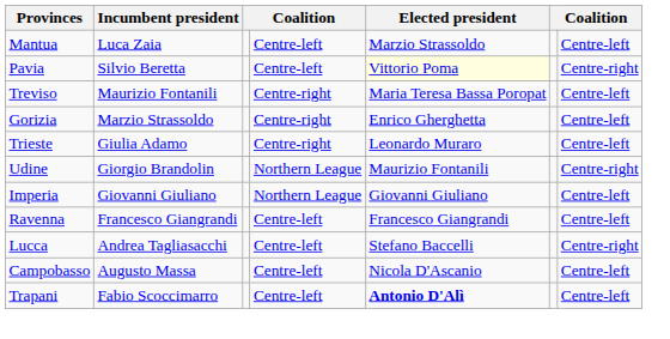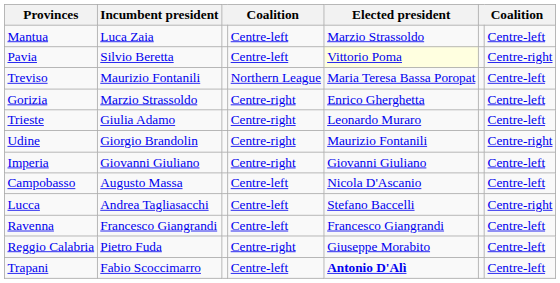 <table class="wikitable sortable centre">
 <tr>
 <th>Provinces</th>
 <th>Incumbent president</th>
 <th colspan=2>Coalition</th>
 <th>Elected president</th>
 <th colspan=2>Coalition</th>
 </tr>
 <tr>
 <td><a href='#'>Mantua</a></td>
 <td><a href='#'>Luca Zaia</a></td>
 <td style="background:"></td>
 <td><a href='#'>Centre-left</a></td>
 <td><a href='#'>Marzio Strassoldo</a></td>
 <td style="background:"></td>
 <td><a href='#'>Centre-left</a></td>
 </tr>
 <tr>
 <td><a href='#'>Pavia</a></td>
 <td><a href='#'>Silvio Beretta</a></td>
 <td style="background:"></td>
 <td><a href='#'>Centre-left</a></td>
 <td style="background: lightyellow;"><a href='#'>Vittorio Poma</a></td>
 <td style="background:"></td>
 <td><a href='#'>Centre-right</a></td>
 </tr>
 <tr>
 <td><a href='#'>Treviso</a></td>
 <td><a href='#'>Maurizio Fontanili</a></td>
 <td style="background:"></td>
-<td><a href='#'>Centre-right</a></td>
+<td><a href='#'>Northern League</a></td>
 <td><a href='#'>Maria Teresa Bassa Poropat</a></td>
 <td style="background:"></td>
 <td><a href='#'>Centre-left</a></td>
 </tr>
 <tr>
 <td><a href='#'>Gorizia</a></td>
 <td><a href='#'>Marzio Strassoldo</a></td>
 <td style="background:"></td>
 <td><a href='#'>Centre-right</a></td>
 <td><a href='#'>Enrico Gherghetta</a></td>
 <td style="background:"></td>
 <td><a href='#'>Centre-left</a></td>
 </tr>
 <tr>
 <td><a href='#'>Trieste</a></td>
 <td><a href='#'>Giulia Adamo</a></td>
 <td style="background:"></td>
 <td><a href='#'>Centre-right</a></td>
 <td><a href='#'>Leonardo Muraro</a></td>
 <td style="background:"></td>
 <td><a href='#'>Centre-left</a></td>
 </tr>
 <tr>
 <td><a href='#'>Udine</a></td>
 <td><a href='#'>Giorgio Brandolin</a></td>
 <td style="background:"></td>
-<td><a href='#'>Northern League</a></td>
+<td><a href='#'>Centre-right</a></td>
 <td><a href='#'>Maurizio Fontanili</a></td>
 <td style="background:"></td>
 <td><a href='#'>Centre-right</a></td>
 </tr>
 <tr>
 <td><a href='#'>Imperia</a></td>
 <td><a href='#'>Giovanni Giuliano</a></td>
 <td style="background:"></td>
-<td><a href='#'>Northern League</a></td>
+<td><a href='#'>Centre-right</a></td>
 <td><a href='#'>Giovanni Giuliano</a></td>
 <td style="background:"></td>
 <td><a href='#'>Centre-left</a></td>
 </tr>
 <tr>
-<td><a href='#'>Ravenna</a></td>
-<td><a href='#'>Francesco Giangrandi</a></td>
+<td><a href='#'>Campobasso</a></td>
+<td><a href='#'>Augusto Massa</a></td>
 <td style="background:"></td>
 <td><a href='#'>Centre-left</a></td>
-<td><a href='#'>Francesco Giangrandi</a></td>
+<td><a href='#'>Nicola D'Ascanio</a></td>
 <td style="background:"></td>
 <td><a href='#'>Centre-left</a></td>
 </tr>
 <tr>
 <td><a href='#'>Lucca</a></td>
 <td><a href='#'>Andrea Tagliasacchi</a></td>
 <td style="background:"></td>
 <td><a href='#'>Centre-left</a></td>
 <td><a href='#'>Stefano Baccelli</a></td>
 <td style="background:"></td>
 <td><a href='#'>Centre-right</a></td>
 </tr>
 <tr>
-<td><a href='#'>Campobasso</a></td>
-<td><a href='#'>Augusto Massa</a></td>
+<td><a href='#'>Ravenna</a></td>
+<td><a href='#'>Francesco Giangrandi</a></td>
 <td style="background:"></td>
 <td><a href='#'>Centre-left</a></td>
-<td><a href='#'>Nicola D'Ascanio</a></td>
+<td><a href='#'>Francesco Giangrandi</a></td>
+<td style="background:"></td>
+<td><a href='#'>Centre-left</a></td>
+</tr>
+<tr>
+<td><a href='#'>Reggio Calabria</a></td>
+<td><a href='#'>Pietro Fuda</a></td>
+<td style="background:"></td>
+<td><a href='#'>Centre-right</a></td>
+<td><a href='#'>Giuseppe Morabito</a></td>
 <td style="background:"></td>
 <td><a href='#'>Centre-left</a></td>
 </tr>
 <tr>
 <td><a href='#'>Trapani</a></td>
 <td><a href='#'>Fabio Scoccimarro</a></td>
 <td style="background:"></td>
 <td><a href='#'>Centre-left</a></td>
 <td><strong><a href='#'>Antonio D'Alì</a></strong></td>
 <td style="background:"></td>
 <td><a href='#'>Centre-left</a></td>
 </tr>
 </table>
